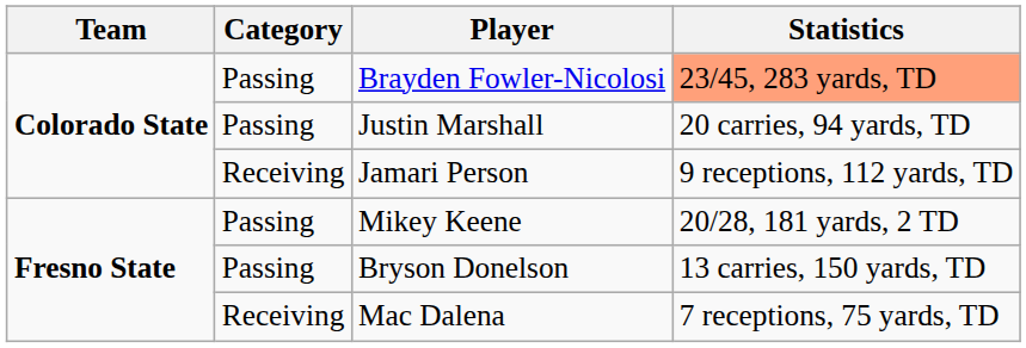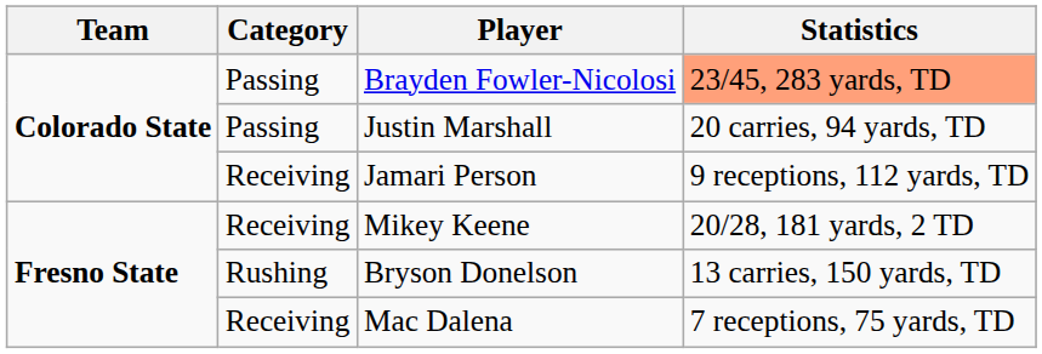 <table class="wikitable" style="float: right;">
 <tr>
 <th>Team</th>
 <th>Category</th>
 <th>Player</th>
 <th>Statistics</th>
 </tr>
 <tr>
 <td rowspan=3><strong>Colorado State</strong></td>
 <td>Passing</td>
 <td><a href='#'>Brayden Fowler-Nicolosi</a></td>
 <td style="background: lightsalmon;">23/45, 283 yards, TD</td>
 </tr>
 <tr>
 <td>Passing</td>
 <td>Justin Marshall</td>
 <td>20 carries, 94 yards, TD</td>
 </tr>
 <tr>
 <td>Receiving</td>
 <td>Jamari Person</td>
 <td>9 receptions, 112 yards, TD</td>
 </tr>
 <tr>
 <td rowspan=3><strong>Fresno State</strong></td>
-<td>Passing</td>
+<td>Receiving</td>
 <td>Mikey Keene</td>
 <td>20/28, 181 yards, 2 TD</td>
 </tr>
 <tr>
-<td>Passing</td>
+<td>Rushing</td>
 <td>Bryson Donelson</td>
 <td>13 carries, 150 yards, TD</td>
 </tr>
 <tr>
 <td>Receiving</td>
 <td>Mac Dalena</td>
 <td>7 receptions, 75 yards, TD</td>
 </tr>
 </table>
